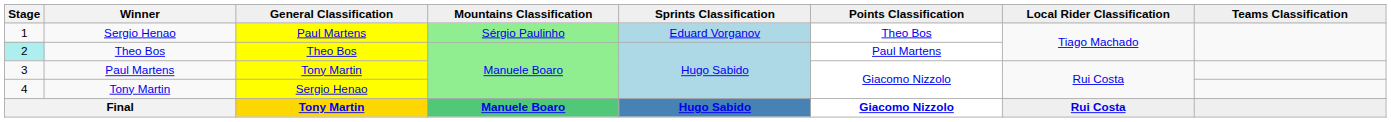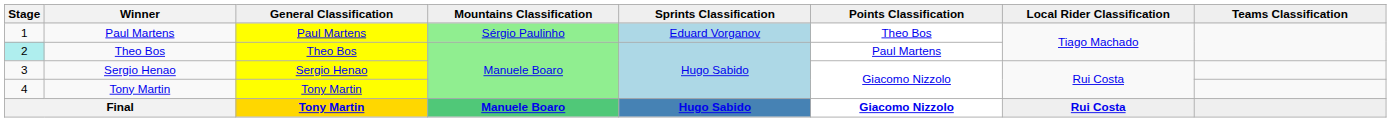 <table class="wikitable" style="text-align: center; font-size:smaller;">
 <tr style="background-color: #efefef;">
 <th width="1%">Stage</th>
 <th width="12%">Winner</th>
 <th style="background:#EFEFEF;" width="12%">General Classification<br></th>
 <th style="background:#EFEFEF;" width="12%">Mountains Classification<br></th>
 <th style="background:#EFEFEF"  width="12%">Sprints Classification<br></th>
 <th style="background:#EFEFEF"  width="12%">Points Classification<br></th>
 <th style="background:#EFEFEF"  width="12%">Local Rider Classification</th>
 <th style="background:#EFEFEF;" width="12%">Teams Classification</th>
 </tr>
 <tr>
 <td>1</td>
-<td><a href='#'>Sergio Henao</a></td>
+<td><a href='#'>Paul Martens</a></td>
 <td style="background:yellow;"><a href='#'>Paul Martens</a></td>
 <td style="background:lightgreen;"><a href='#'>Sérgio Paulinho</a></td>
 <td style="background:lightblue;"><a href='#'>Eduard Vorganov</a></td>
 <td style="background:white;"><a href='#'>Theo Bos</a></td>
 <td rowspan=2><a href='#'>Tiago Machado</a></td>
 <td rowspan=2></td>
 </tr>
 <tr>
 <td style="background: paleturquoise;">2</td>
 <td><a href='#'>Theo Bos</a></td>
 <td style="background:yellow;"><a href='#'>Theo Bos</a></td>
 <td style="background:lightgreen;" rowspan=3><a href='#'>Manuele Boaro</a></td>
 <td style="background:lightblue;" rowspan=3><a href='#'>Hugo Sabido</a></td>
 <td style="background:white;"><a href='#'>Paul Martens</a></td>
 </tr>
 <tr>
 <td>3</td>
-<td><a href='#'>Paul Martens</a></td>
-<td style="background:yellow;"><a href='#'>Tony Martin</a></td>
+<td><a href='#'>Sergio Henao</a></td>
+<td style="background:yellow;"><a href='#'>Sergio Henao</a></td>
 <td style="background:white;" rowspan=2><a href='#'>Giacomo Nizzolo</a></td>
 <td rowspan=2><a href='#'>Rui Costa</a></td>
 <td></td>
 </tr>
 <tr>
 <td>4</td>
 <td><a href='#'>Tony Martin</a></td>
-<td style="background:yellow;"><a href='#'>Sergio Henao</a></td>
+<td style="background:yellow;"><a href='#'>Tony Martin</a></td>
 <td></td>
 </tr>
 <tr>
 <th colspan=2><strong>Final</strong></th>
 <th style="background:gold;"><a href='#'>Tony Martin</a></th>
 <th style="background:#50C878;"><a href='#'>Manuele Boaro</a></th>
 <th style="background:#4682B4;"><a href='#'>Hugo Sabido</a></th>
 <th style="background:white;"><a href='#'>Giacomo Nizzolo</a></th>
 <th style="background:#EFEFEF;"><a href='#'>Rui Costa</a></th>
 <th style="background:#EFEFEF;"></th>
 </tr>
 </table>
